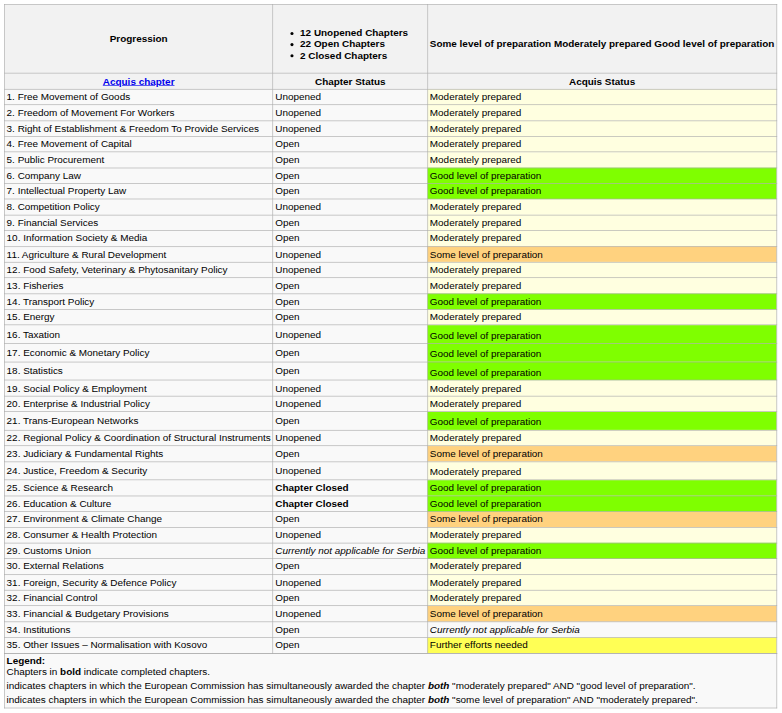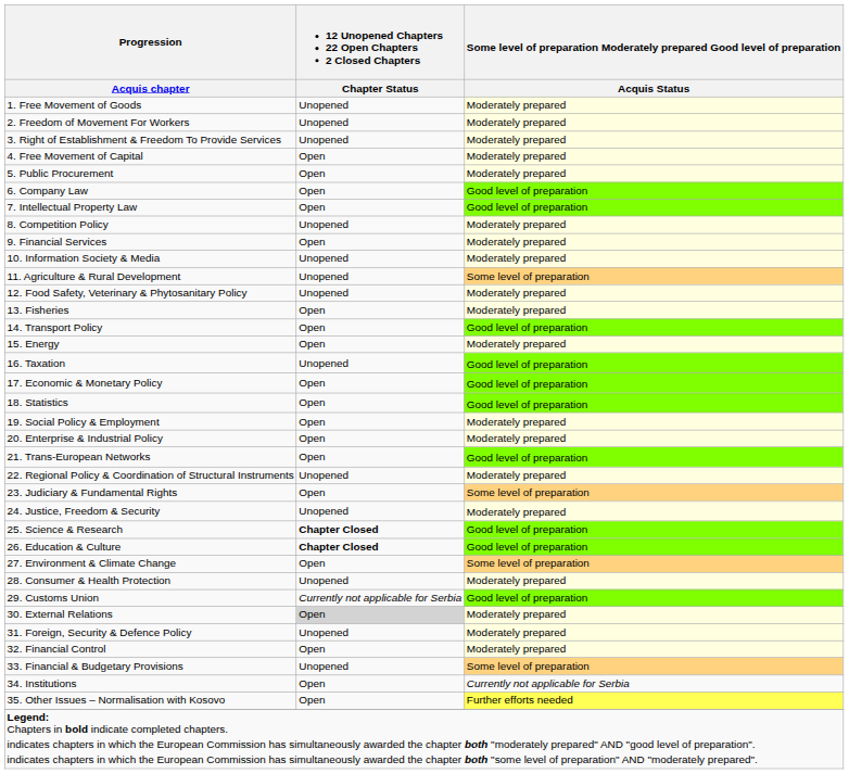 <table class="wikitable mw-collapsible mw-collapsed" style="text-align:left">
 <tr>
 <th>Progression</th>
 <th style="text-align:left;"><br><ul><li>12 Unopened Chapters</li><li>22 Open Chapters</li><li>2 Closed Chapters</li></ul></th>
 <th style="text-align:left;"><br>Some level of preparation Moderately prepared Good level of preparation</th>
 </tr>
 <tr>
 <th><a href='#'>Acquis chapter</a></th>
 <th>Chapter Status</th>
 <th>Acquis Status</th>
 </tr>
 <tr>
 <td style="text-align:left;">1. Free Movement of Goods</td>
 <td>Unopened</td>
 <td style="background:#FFFFE0;">Moderately prepared</td>
 </tr>
 <tr>
 <td style="text-align:left;">2. Freedom of Movement For Workers</td>
 <td>Unopened</td>
 <td style="background:#FFFFE0;">Moderately prepared</td>
 </tr>
 <tr>
 <td style="text-align:left;">3. Right of Establishment & Freedom To Provide Services</td>
 <td>Unopened</td>
 <td style="background:#FFFFE0;">Moderately prepared</td>
 </tr>
 <tr>
 <td style="text-align:left;">4. Free Movement of Capital</td>
 <td>Open</td>
 <td style="background:#FFFFE0;">Moderately prepared</td>
 </tr>
 <tr>
 <td style="text-align:left;">5. Public Procurement</td>
 <td>Open</td>
 <td style="background:#FFFFE0;">Moderately prepared</td>
 </tr>
 <tr>
 <td style="text-align:left;">6. Company Law</td>
 <td>Open</td>
 <td style="background:#7fff00;">Good level of preparation</td>
 </tr>
 <tr>
 <td style="text-align:left;">7. Intellectual Property Law</td>
 <td>Open</td>
 <td style="background:#7fff00;">Good level of preparation</td>
 </tr>
 <tr>
 <td style="text-align:left;">8. Competition Policy</td>
 <td>Unopened</td>
 <td style="background:#FFFFE0;">Moderately prepared</td>
 </tr>
 <tr>
 <td style="text-align:left;">9. Financial Services</td>
 <td>Open</td>
 <td style="background:#FFFFE0;">Moderately prepared</td>
 </tr>
 <tr>
 <td style="text-align:left;">10. Information Society & Media</td>
-<td>Open</td>
+<td>Unopened</td>
 <td style="background:#FFFFE0;">Moderately prepared</td>
 </tr>
 <tr>
 <td style="text-align:left;">11. Agriculture & Rural Development</td>
 <td>Unopened</td>
 <td style="background:#FFD27F;">Some level of preparation</td>
 </tr>
 <tr>
 <td style="text-align:left;">12. Food Safety, Veterinary & Phytosanitary Policy</td>
 <td>Unopened</td>
 <td style="background:#FFFFE0;">Moderately prepared</td>
 </tr>
 <tr>
 <td style="text-align:left;">13. Fisheries</td>
 <td>Open</td>
 <td style="background:#FFFFE0;">Moderately prepared</td>
 </tr>
 <tr>
 <td style="text-align:left;">14. Transport Policy</td>
 <td>Open</td>
 <td style="background:#7fff00;">Good level of preparation</td>
 </tr>
 <tr>
 <td style="text-align:left;">15. Energy</td>
 <td>Open</td>
 <td style="background:#FFFFE0;">Moderately prepared</td>
 </tr>
 <tr>
 <td style="text-align:left;">16. Taxation</td>
 <td>Unopened</td>
 <td style="background:#7fff00;">Good level of preparation<sup></sup></td>
 </tr>
 <tr>
 <td style="text-align:left;">17. Economic & Monetary Policy</td>
 <td>Open</td>
 <td style="background:#7fff00;">Good level of preparation<sup></sup></td>
 </tr>
 <tr>
 <td style="text-align:left;">18. Statistics</td>
 <td>Open</td>
 <td style="background:#7fff00;">Good level of preparation<sup></sup></td>
 </tr>
 <tr>
 <td style="text-align:left;">19. Social Policy & Employment</td>
-<td>Unopened</td>
+<td>Open</td>
 <td style="background:#FFFFE0;">Moderately prepared</td>
 </tr>
 <tr>
 <td style="text-align:left;">20. Enterprise & Industrial Policy</td>
-<td>Unopened</td>
+<td>Open</td>
 <td style="background:#FFFFE0;">Moderately prepared</td>
 </tr>
 <tr>
 <td style="text-align:left;">21. Trans-European Networks</td>
 <td>Open</td>
 <td style="background:#7fff00;">Good level of preparation<sup></sup></td>
 </tr>
 <tr>
 <td style="text-align:left;">22. Regional Policy & Coordination of Structural Instruments</td>
 <td>Unopened</td>
 <td style="background:#FFFFE0;">Moderately prepared</td>
 </tr>
 <tr>
 <td style="text-align:left;">23. Judiciary & Fundamental Rights</td>
 <td>Open</td>
 <td style="background:#FFD27F;">Some level of preparation</td>
 </tr>
 <tr>
 <td style="text-align:left;">24. Justice, Freedom & Security</td>
 <td>Unopened</td>
 <td style="background:#FFFFE0;">Moderately prepared<sup></sup></td>
 </tr>
 <tr>
 <td style="text-align:left;">25. Science & Research</td>
 <td><strong>Chapter Closed</strong></td>
 <td style="background:#7fff00;">Good level of preparation</td>
 </tr>
 <tr>
 <td style="text-align:left;">26. Education & Culture</td>
 <td><strong>Chapter Closed</strong></td>
 <td style="background:#7fff00;">Good level of preparation</td>
 </tr>
 <tr>
 <td style="text-align:left;">27. Environment & Climate Change</td>
 <td>Open</td>
 <td style="background:#FFD27F">Some level of preparation</td>
 </tr>
 <tr>
 <td style="text-align:left;">28. Consumer & Health Protection</td>
 <td>Unopened</td>
 <td style="background:#FFFFE0;">Moderately prepared</td>
 </tr>
 <tr>
 <td style="text-align:left;">29. Customs Union</td>
 <td><em>Currently not applicable for Serbia</em></td>
 <td style="background:#7fff00;">Good level of preparation</td>
 </tr>
 <tr>
 <td style="text-align:left;">30. External Relations</td>
-<td>Open</td>
+<td style="background: lightgrey;">Open</td>
 <td style="background:#FFFFE0;">Moderately prepared</td>
 </tr>
 <tr>
 <td style="text-align:left;">31. Foreign, Security & Defence Policy</td>
 <td>Unopened</td>
 <td style="background:#FFFFE0;">Moderately prepared</td>
 </tr>
 <tr>
 <td style="text-align:left;">32. Financial Control</td>
 <td>Open</td>
 <td style="background:#FFFFE0;">Moderately prepared</td>
 </tr>
 <tr>
 <td style="text-align:left;">33. Financial & Budgetary Provisions</td>
 <td>Unopened</td>
 <td style="background:#FFD27F;">Some level of preparation</td>
 </tr>
 <tr>
 <td style="text-align:left;">34. Institutions</td>
 <td>Open</td>
 <td><em>Currently not applicable for Serbia</em></td>
 </tr>
 <tr>
 <td style="text-align:left;">35. Other Issues – Normalisation with Kosovo</td>
 <td>Open</td>
 <td style="background:#ff5;">Further efforts needed</td>
 </tr>
 <tr>
 </tr>
 <tr>
 <td colspan=10><strong>Legend:</strong><br>Chapters in <strong>bold</strong> indicate completed chapters.<br><sup></sup> indicates chapters in which the European Commission has simultaneously awarded the chapter <strong><em>both</em></strong> "moderately prepared" AND "good level of preparation".<br><sup></sup> indicates chapters in which the European Commission has simultaneously awarded the chapter <strong><em>both</em></strong> "some level of preparation" AND "moderately prepared".<br>        </td>
 </tr>
 </table>
